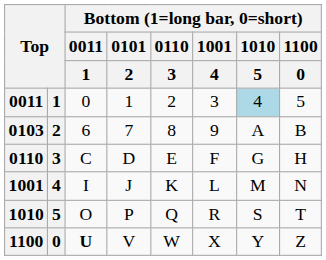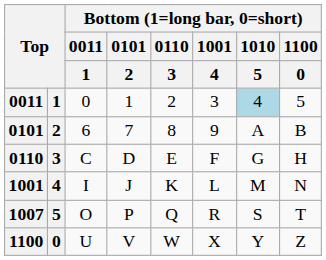 <table class="wikitable" style="text-align:center;">
 <tr>
 <th rowspan=3 colspan=2>Top</th>
 <th colspan=6>Bottom (1=long bar, 0=short)</th>
 </tr>
 <tr>
 <th>0011</th>
 <th>0101</th>
 <th>0110</th>
 <th>1001</th>
 <th>1010</th>
 <th>1100</th>
 </tr>
 <tr>
 <th>1</th>
 <th>2</th>
 <th>3</th>
 <th>4</th>
 <th>5</th>
 <th>0</th>
 </tr>
 <tr>
 <th>0011</th>
 <th>1</th>
 <td>0</td>
 <td>1</td>
 <td>2</td>
 <td>3</td>
 <td style="background: lightblue;">4</td>
 <td>5</td>
 </tr>
 <tr>
-<th>0103</th>
+<th>0101</th>
 <th>2</th>
 <td>6</td>
 <td>7</td>
 <td>8</td>
 <td>9</td>
 <td>A</td>
 <td>B</td>
 </tr>
 <tr>
 <th>0110</th>
 <th>3</th>
 <td>C</td>
 <td>D</td>
 <td>E</td>
 <td>F</td>
 <td>G</td>
 <td>H</td>
 </tr>
 <tr>
 <th>1001</th>
 <th>4</th>
 <td>I</td>
 <td>J</td>
 <td>K</td>
 <td>L</td>
 <td>M</td>
 <td>N</td>
 </tr>
 <tr>
-<th>1010</th>
+<th>1007</th>
 <th>5</th>
 <td>O</td>
 <td>P</td>
 <td>Q</td>
 <td>R</td>
 <td>S</td>
 <td>T</td>
 </tr>
 <tr>
 <th>1100</th>
 <th>0</th>
-<td><strong>U</strong></td>
+<td>U</td>
 <td>V</td>
 <td>W</td>
 <td>X</td>
 <td>Y</td>
 <td>Z</td>
 </tr>
 </table>
